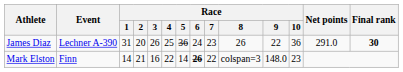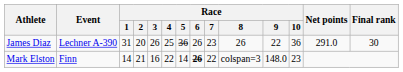 <table class="wikitable" style="font-size:90%">
 <tr>
 <th rowspan="2">Athlete</th>
 <th rowspan="2">Event</th>
 <th colspan=10>Race</th>
 <th rowspan=2>Net points</th>
 <th rowspan=2>Final rank</th>
 </tr>
 <tr style="font-size:95%">
 <th>1</th>
 <th>2</th>
 <th>3</th>
 <th>4</th>
 <th>5</th>
 <th>6</th>
 <th>7</th>
 <th>8</th>
 <th>9</th>
 <th>10</th>
 </tr>
 <tr align=center>
 <td align=left><a href='#'>James Diaz</a></td>
 <td align=left><a href='#'>Lechner A-390</a></td>
 <td>31</td>
 <td>20</td>
 <td>26</td>
 <td>25</td>
 <td><s>36</s></td>
-<td>24</td>
+<td>26</td>
 <td>23</td>
 <td>26</td>
 <td>22</td>
 <td>36</td>
 <td>291.0</td>
-<td><strong>30</strong></td>
+<td>30</td>
 </tr>
 <tr align=center>
 <td align=left><a href='#'>Mark Elston</a></td>
 <td align=left><a href='#'>Finn</a></td>
 <td>14</td>
 <td>21</td>
 <td>16</td>
 <td>22</td>
 <td>14</td>
 <td><strong><s>26</s></strong></td>
 <td>22</td>
 <td>colspan=3 </td>
 <td>148.0</td>
 <td>23</td>
 </tr>
 </table>
